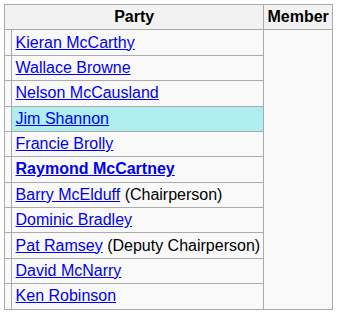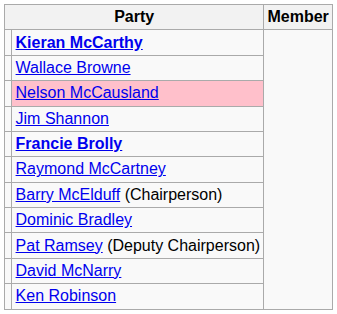 <table class="wikitable" border="1">
 <tr>
 <th colspan="2" scope="col">Party</th>
 <th scope="col">Member</th>
 </tr>
 <tr>
 <td></td>
-<td><a href='#'>Kieran McCarthy</a></td>
+<td><strong><a href='#'>Kieran McCarthy</a></strong></td>
 </tr>
 <tr>
 <td></td>
 <td><a href='#'>Wallace Browne</a></td>
 </tr>
 <tr>
 <td></td>
-<td><a href='#'>Nelson McCausland</a></td>
+<td style="background: pink;"><a href='#'>Nelson McCausland</a></td>
 </tr>
 <tr>
 <td></td>
-<td style="background: paleturquoise;"><a href='#'>Jim Shannon</a></td>
+<td><a href='#'>Jim Shannon</a></td>
 </tr>
 <tr>
 <td></td>
-<td><a href='#'>Francie Brolly</a></td>
+<td><strong><a href='#'>Francie Brolly</a></strong></td>
 </tr>
 <tr>
 <td></td>
-<td><strong><a href='#'>Raymond McCartney</a></strong></td>
+<td><a href='#'>Raymond McCartney</a></td>
 </tr>
 <tr>
 <td></td>
 <td><a href='#'>Barry McElduff</a> (Chairperson)</td>
 </tr>
 <tr>
 <td></td>
 <td><a href='#'>Dominic Bradley</a></td>
 </tr>
 <tr>
 <td></td>
 <td><a href='#'>Pat Ramsey</a> (Deputy Chairperson)</td>
 </tr>
 <tr>
 <td></td>
 <td><a href='#'>David McNarry</a></td>
 </tr>
 <tr>
 <td></td>
 <td><a href='#'>Ken Robinson</a></td>
 </tr>
 </table>
